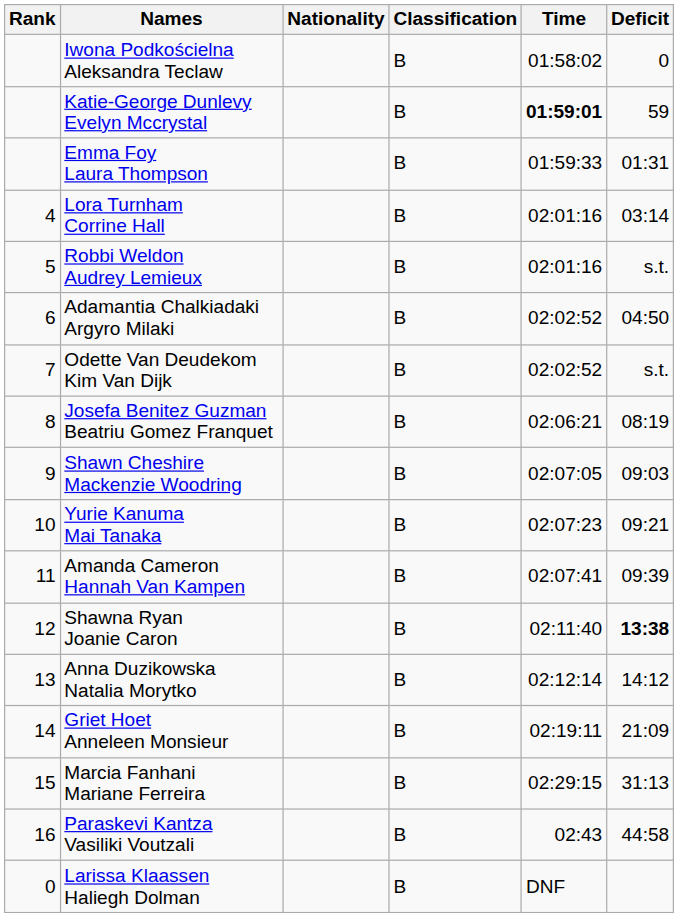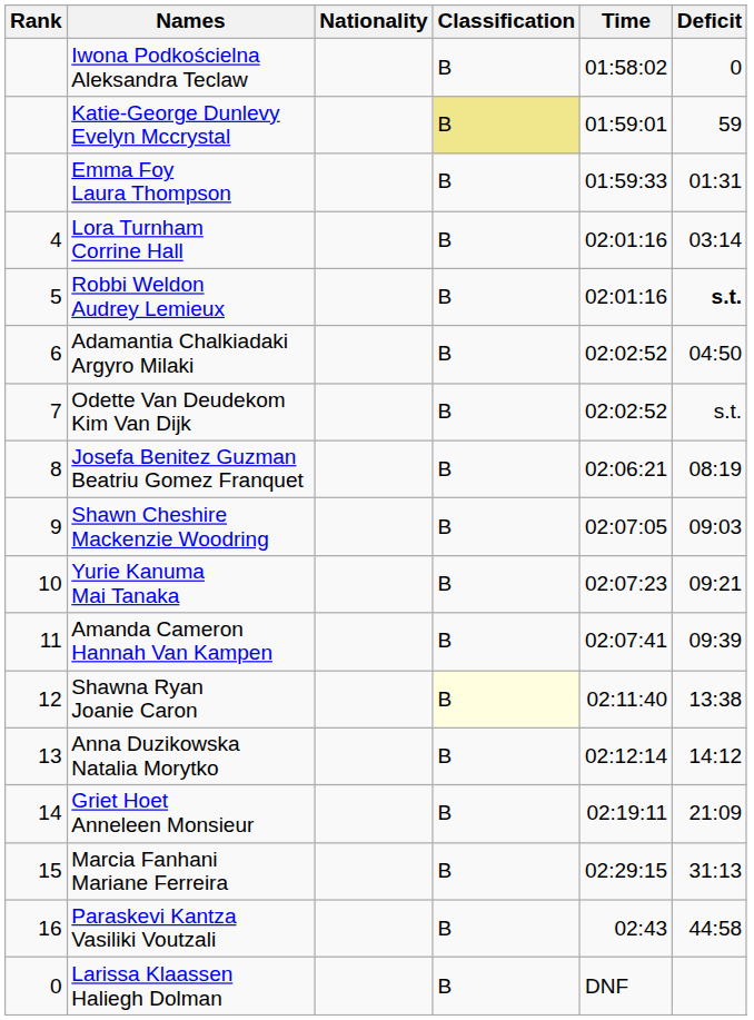 <table class="wikitable sortable" style="text-align:left">
 <tr>
 <th width=20>Rank</th>
 <th width=180>Names</th>
 <th>Nationality</th>
 <th>Classification</th>
 <th>Time</th>
 <th>Deficit</th>
 </tr>
 <tr>
 <td align=right></td>
 <td><a href='#'>Iwona Podkościelna</a><br>Aleksandra Teclaw</td>
 <td></td>
 <td>B</td>
 <td align=right>01:58:02</td>
 <td align=right>0</td>
 </tr>
 <tr>
 <td align=right></td>
 <td><a href='#'>Katie-George Dunlevy</a><br><a href='#'>Evelyn Mccrystal</a></td>
 <td></td>
-<td>B</td>
-<td align=right><strong>01:59:01</strong></td>
+<td style="background: khaki;">B</td>
+<td align=right>01:59:01</td>
 <td align=right>59</td>
 </tr>
 <tr>
 <td align=right></td>
 <td><a href='#'>Emma Foy</a><br><a href='#'>Laura Thompson</a></td>
 <td></td>
 <td>B</td>
 <td align=right>01:59:33</td>
 <td align=right>01:31</td>
 </tr>
 <tr>
 <td align=right>4</td>
 <td><a href='#'>Lora Turnham</a><br><a href='#'>Corrine Hall</a></td>
 <td></td>
 <td>B</td>
 <td align=right>02:01:16</td>
 <td align=right>03:14</td>
 </tr>
 <tr>
 <td align=right>5</td>
 <td><a href='#'>Robbi Weldon</a><br><a href='#'>Audrey Lemieux</a></td>
 <td></td>
 <td>B</td>
 <td align=right>02:01:16</td>
-<td align=right>s.t.</td>
+<td align=right><strong>s.t.</strong></td>
 </tr>
 <tr>
 <td align=right>6</td>
 <td>Adamantia Chalkiadaki <br>Argyro Milaki</td>
 <td></td>
 <td>B</td>
 <td align=right>02:02:52</td>
 <td align=right>04:50</td>
 </tr>
 <tr>
 <td align=right>7</td>
 <td>Odette Van Deudekom <br>Kim Van Dijk</td>
 <td></td>
 <td>B</td>
 <td align=right>02:02:52</td>
 <td align=right>s.t.</td>
 </tr>
 <tr>
 <td align=right>8</td>
 <td><a href='#'>Josefa Benitez Guzman</a><br>Beatriu Gomez Franquet</td>
 <td></td>
 <td>B</td>
 <td align=right>02:06:21</td>
 <td align=right>08:19</td>
 </tr>
 <tr>
 <td align=right>9</td>
 <td><a href='#'>Shawn Cheshire</a><br><a href='#'>Mackenzie Woodring</a></td>
 <td></td>
 <td>B</td>
 <td align=right>02:07:05</td>
 <td align=right>09:03</td>
 </tr>
 <tr>
 <td align=right>10</td>
 <td><a href='#'>Yurie Kanuma</a><br><a href='#'>Mai Tanaka</a></td>
 <td></td>
 <td>B</td>
 <td align=right>02:07:23</td>
 <td align=right>09:21</td>
 </tr>
 <tr>
 <td align=right>11</td>
 <td>Amanda Cameron<br><a href='#'>Hannah Van Kampen</a></td>
 <td></td>
 <td>B</td>
 <td align=right>02:07:41</td>
 <td align=right>09:39</td>
 </tr>
 <tr>
 <td align=right>12</td>
 <td>Shawna Ryan<br>Joanie Caron</td>
 <td></td>
-<td>B</td>
+<td style="background: lightyellow;">B</td>
 <td align=right>02:11:40</td>
-<td align=right><strong>13:38</strong></td>
+<td align=right>13:38</td>
 </tr>
 <tr>
 <td align=right>13</td>
 <td>Anna Duzikowska<br>Natalia Morytko</td>
 <td></td>
 <td>B</td>
 <td align=right>02:12:14</td>
 <td align=right>14:12</td>
 </tr>
 <tr>
 <td align=right>14</td>
 <td><a href='#'>Griet Hoet</a><br>Anneleen Monsieur</td>
 <td></td>
 <td>B</td>
 <td align=right>02:19:11</td>
 <td align=right>21:09</td>
 </tr>
 <tr>
 <td align=right>15</td>
 <td>Marcia Fanhani<br>Mariane Ferreira</td>
 <td></td>
 <td>B</td>
 <td align=right>02:29:15</td>
 <td align=right>31:13</td>
 </tr>
 <tr>
 <td align=right>16</td>
 <td><a href='#'>Paraskevi Kantza</a><br>Vasiliki Voutzali</td>
 <td></td>
 <td>B</td>
 <td align=right>02:43</td>
 <td align=right>44:58</td>
 </tr>
 <tr>
 <td align=right>0</td>
 <td><a href='#'>Larissa Klaassen</a><br>Haliegh Dolman</td>
 <td></td>
 <td>B</td>
 <td>DNF</td>
 <td align=right></td>
 </tr>
 <tr>
 </tr>
 </table>
